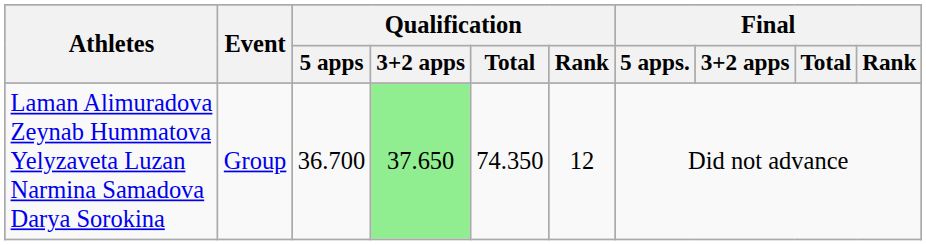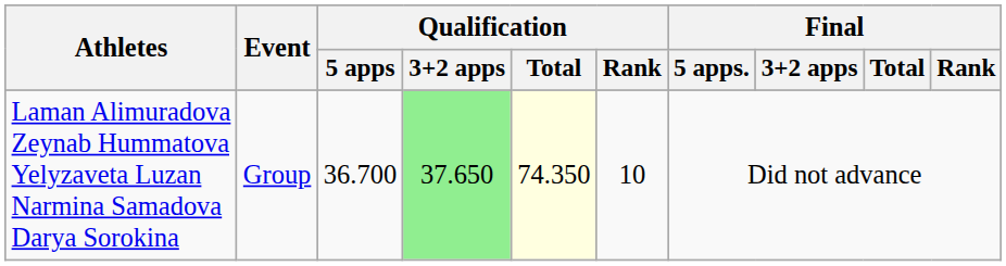 <table class="wikitable" style="font-size:90%">
 <tr>
 <th rowspan="2">Athletes</th>
 <th rowspan="2">Event</th>
 <th colspan="4">Qualification</th>
 <th colspan="4">Final</th>
 </tr>
 <tr style="font-size:95%">
 <th>5 apps</th>
 <th>3+2 apps</th>
 <th>Total</th>
 <th>Rank</th>
 <th>5 apps.</th>
 <th>3+2 apps</th>
 <th>Total</th>
 <th>Rank</th>
 </tr>
 <tr align=center>
 <td align=left><a href='#'>Laman Alimuradova</a><br><a href='#'>Zeynab Hummatova</a><br><a href='#'>Yelyzaveta Luzan</a><br><a href='#'>Narmina Samadova</a><br><a href='#'>Darya Sorokina</a></td>
 <td align=left><a href='#'>Group</a></td>
 <td>36.700</td>
 <td style="background: lightgreen;">37.650</td>
-<td>74.350</td>
-<td>12</td>
+<td style="background: lightyellow;">74.350</td>
+<td>10</td>
 <td colspan=4>Did not advance</td>
 </tr>
 </table>
